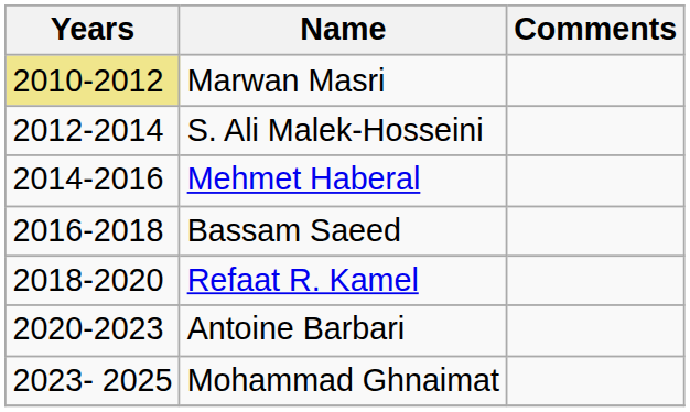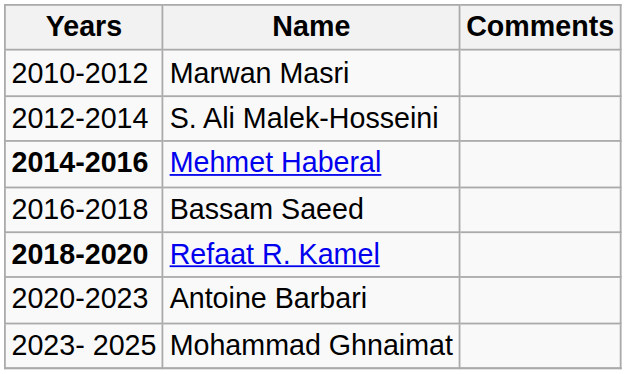 <table class="wikitable">
 <tr>
 <th>Years</th>
 <th>Name</th>
 <th>Comments</th>
 </tr>
 <tr>
-<td style="background: khaki;">2010-2012</td>
+<td>2010-2012</td>
 <td>Marwan Masri</td>
 <td></td>
 </tr>
 <tr>
 <td>2012-2014</td>
 <td>S. Ali Malek-Hosseini</td>
 <td></td>
 </tr>
 <tr>
-<td>2014-2016</td>
+<td><strong>2014-2016</strong></td>
 <td><a href='#'>Mehmet Haberal</a></td>
 <td></td>
 </tr>
 <tr>
 <td>2016-2018</td>
 <td>Bassam Saeed</td>
 <td></td>
 </tr>
 <tr>
-<td>2018-2020</td>
+<td><strong>2018-2020</strong></td>
 <td><a href='#'>Refaat R. Kamel</a></td>
 <td></td>
 </tr>
 <tr>
 <td>2020-2023</td>
 <td>Antoine Barbari</td>
 <td></td>
 </tr>
 <tr>
 <td>2023- 2025</td>
 <td>Mohammad Ghnaimat</td>
 <td></td>
 </tr>
 <tr>
 </tr>
 </table>
